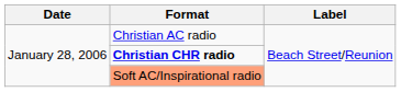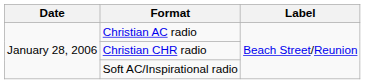 <table class="wikitable sortable plainrowheaders">
 <tr>
 <th scope="col">Date</th>
 <th scope="col">Format</th>
 <th scope="col">Label</th>
 </tr>
 <tr>
 <td rowspan="3">January 28, 2006</td>
 <td><a href='#'>Christian AC</a> radio</td>
 <td rowspan="3"><a href='#'>Beach Street</a>/<a href='#'>Reunion</a></td>
 </tr>
 <tr>
-<td><strong><a href='#'>Christian CHR</a> radio</strong></td>
+<td><a href='#'>Christian CHR</a> radio</td>
 </tr>
 <tr>
-<td style="background: lightsalmon;">Soft AC/Inspirational radio</td>
+<td>Soft AC/Inspirational radio</td>
 </tr>
 </table>
